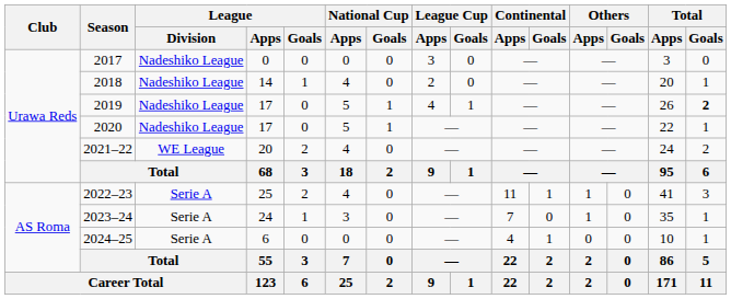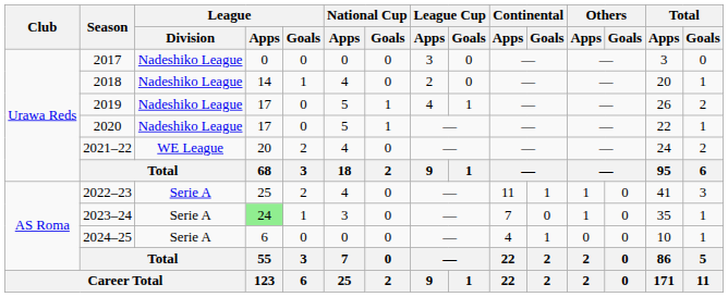 <table class="wikitable" style="text-align:center">
 <tr>
 <th rowspan="2">Club</th>
 <th rowspan="2">Season</th>
 <th colspan="3">League</th>
 <th colspan="2">National Cup</th>
 <th colspan="2">League Cup</th>
 <th colspan="2">Continental</th>
 <th colspan="2">Others</th>
 <th colspan="2">Total</th>
 </tr>
 <tr>
 <th>Division</th>
 <th>Apps</th>
 <th>Goals</th>
 <th>Apps</th>
 <th>Goals</th>
 <th>Apps</th>
 <th>Goals</th>
 <th>Apps</th>
 <th>Goals</th>
 <th>Apps</th>
 <th>Goals</th>
 <th>Apps</th>
 <th>Goals</th>
 </tr>
 <tr>
 <td rowspan="6"><a href='#'>Urawa Reds</a></td>
 <td>2017</td>
 <td><a href='#'>Nadeshiko League</a></td>
 <td>0</td>
 <td>0</td>
 <td>0</td>
 <td>0</td>
 <td>3</td>
 <td>0</td>
 <td colspan="2">—</td>
 <td colspan="2">—</td>
 <td>3</td>
 <td>0</td>
 </tr>
 <tr>
 <td>2018</td>
 <td><a href='#'>Nadeshiko League</a></td>
 <td>14</td>
 <td>1</td>
 <td>4</td>
 <td>0</td>
 <td>2</td>
 <td>0</td>
 <td colspan="2">—</td>
 <td colspan="2">—</td>
 <td>20</td>
 <td>1</td>
 </tr>
 <tr>
 <td>2019</td>
 <td><a href='#'>Nadeshiko League</a></td>
 <td>17</td>
 <td>0</td>
 <td>5</td>
 <td>1</td>
 <td>4</td>
 <td>1</td>
 <td colspan="2">—</td>
 <td colspan="2">—</td>
 <td>26</td>
-<td><strong>2</strong></td>
+<td>2</td>
 </tr>
 <tr>
 <td>2020</td>
 <td><a href='#'>Nadeshiko League</a></td>
 <td>17</td>
 <td>0</td>
 <td>5</td>
 <td>1</td>
 <td colspan="2">—</td>
 <td colspan="2">—</td>
 <td colspan="2">—</td>
 <td>22</td>
 <td>1</td>
 </tr>
 <tr>
 <td>2021–22</td>
 <td><a href='#'>WE League</a></td>
 <td>20</td>
 <td>2</td>
 <td>4</td>
 <td>0</td>
 <td colspan="2">—</td>
 <td colspan="2">—</td>
 <td colspan="2">—</td>
 <td>24</td>
 <td>2</td>
 </tr>
 <tr>
 <th colspan="2">Total</th>
 <th>68</th>
 <th>3</th>
 <th>18</th>
 <th>2</th>
 <th>9</th>
 <th>1</th>
 <th colspan="2">—</th>
 <th colspan="2">—</th>
 <th>95</th>
 <th>6</th>
 </tr>
 <tr>
 <td rowspan="4"><a href='#'>AS Roma</a></td>
 <td>2022–23</td>
 <td><a href='#'>Serie A</a></td>
 <td>25</td>
 <td>2</td>
 <td>4</td>
 <td>0</td>
 <td colspan="2">—</td>
 <td>11</td>
 <td>1</td>
 <td>1</td>
 <td>0</td>
 <td>41</td>
 <td>3</td>
 </tr>
 <tr>
 <td>2023–24</td>
 <td>Serie A</td>
-<td>24</td>
+<td style="background: lightgreen;">24</td>
 <td>1</td>
 <td>3</td>
 <td>0</td>
 <td colspan="2">—</td>
 <td>7</td>
 <td>0</td>
 <td>1</td>
 <td>0</td>
 <td>35</td>
 <td>1</td>
 </tr>
 <tr>
 <td>2024–25</td>
 <td>Serie A</td>
 <td>6</td>
 <td>0</td>
 <td>0</td>
 <td>0</td>
 <td colspan="2">—</td>
 <td>4</td>
 <td>1</td>
 <td>0</td>
 <td>0</td>
 <td>10</td>
 <td>1</td>
 </tr>
 <tr>
 <th colspan="2">Total</th>
 <th>55</th>
 <th>3</th>
 <th>7</th>
 <th>0</th>
 <th colspan="2">—</th>
 <th>22</th>
 <th>2</th>
 <th>2</th>
 <th>0</th>
 <th>86</th>
 <th>5</th>
 </tr>
 <tr>
 <th colspan="3">Career Total</th>
 <th>123</th>
 <th>6</th>
 <th>25</th>
 <th>2</th>
 <th>9</th>
 <th>1</th>
 <th>22</th>
 <th>2</th>
 <th>2</th>
 <th>0</th>
 <th>171</th>
 <th>11</th>
 </tr>
 </table>
